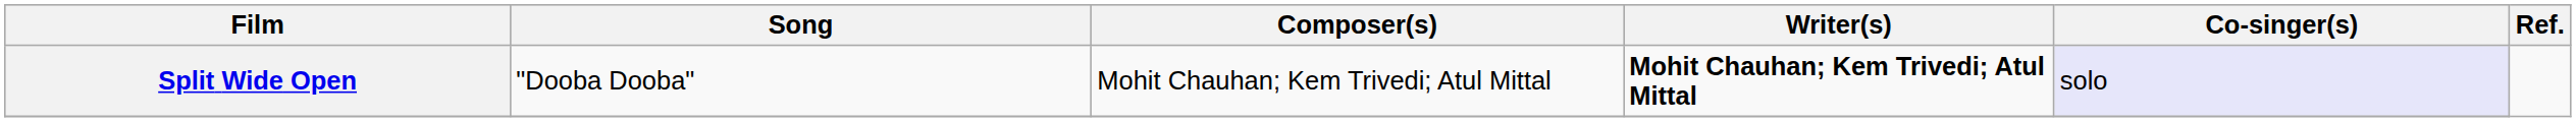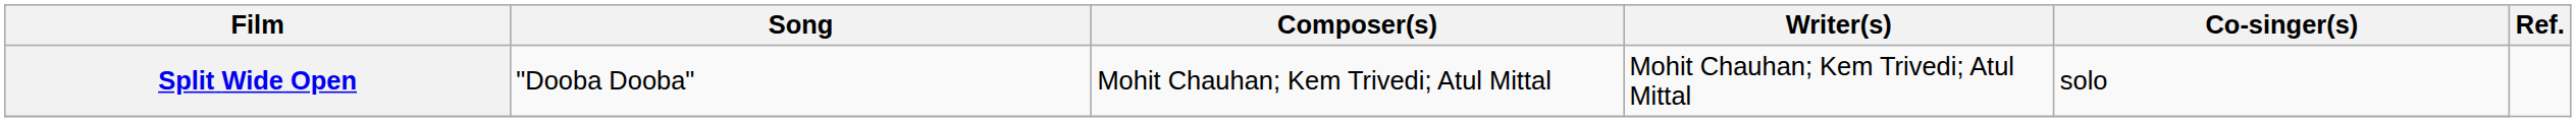 <table class="wikitable plainrowheaders" width="100%" "textcolor:#000;">
 <tr>
 <th scope="col" width=20%><strong>Film</strong></th>
 <th scope="col" width=23%><strong>Song</strong></th>
 <th scope="col" width=21%><strong>Composer(s)</strong></th>
 <th scope="col" width=17%><strong>Writer(s)</strong></th>
 <th scope="col" width=18%><strong>Co-singer(s)</strong></th>
 <th scope="col" width=1%><strong>Ref.</strong></th>
 </tr>
 <tr>
 <th scope="row"><a href='#'><strong>Split</strong> <strong>Wide</strong> <strong>Open</strong></a></th>
 <td>"Dooba Dooba"</td>
 <td>Mohit Chauhan; Kem Trivedi; Atul Mittal</td>
-<td><strong>Mohit Chauhan; Kem Trivedi; Atul Mittal</strong></td>
-<td style="background: lavender;">solo</td>
+<td>Mohit Chauhan; Kem Trivedi; Atul Mittal</td>
+<td>solo</td>
 </tr>
 <tr>
 </tr>
 </table>
